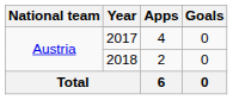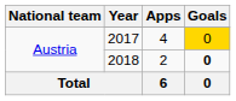 <table class="wikitable" style="text-align: center;">
 <tr>
 <th>National team</th>
 <th>Year</th>
 <th>Apps</th>
 <th>Goals</th>
 </tr>
 <tr>
 <td rowspan=3><a href='#'>Austria</a></td>
 </tr>
 <tr>
 <td>2017</td>
 <td>4</td>
-<td>0</td>
+<td style="background: gold;">0</td>
 </tr>
 <tr>
 <td>2018</td>
 <td>2</td>
-<td>0</td>
+<td><strong>0</strong></td>
 </tr>
 <tr>
 <th colspan=2>Total</th>
 <th>6</th>
 <th>0</th>
 </tr>
 </table>
